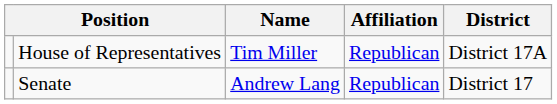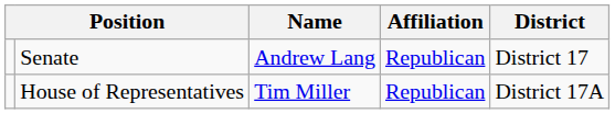 <table class="wikitable">
 <tr>
 <th colspan="2">Position</th>
 <th>Name</th>
 <th>Affiliation</th>
 <th>District</th>
 </tr>
 <tr>
 <td style="background-color:"></td>
+<td>Senate</td>
+<td><a href='#'>Andrew Lang</a></td>
+<td><a href='#'>Republican</a></td>
+<td>District 17</td>
+</tr>
+<tr>
+<td style="background-color:"></td>
 <td>House of Representatives</td>
 <td><a href='#'>Tim Miller</a></td>
 <td><a href='#'>Republican</a></td>
 <td>District 17A</td>
 </tr>
-<tr>
-<td style="background-color:"></td>
-<td>Senate</td>
-<td><a href='#'>Andrew Lang</a></td>
-<td><a href='#'>Republican</a></td>
-<td>District 17</td>
-</tr>
 </table>
